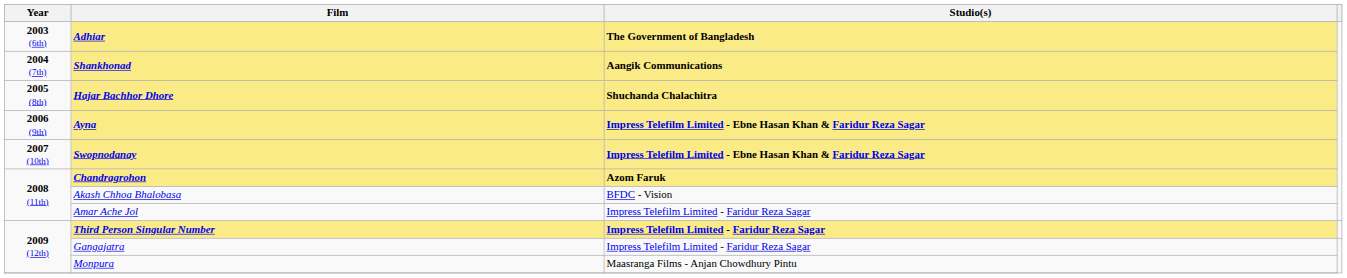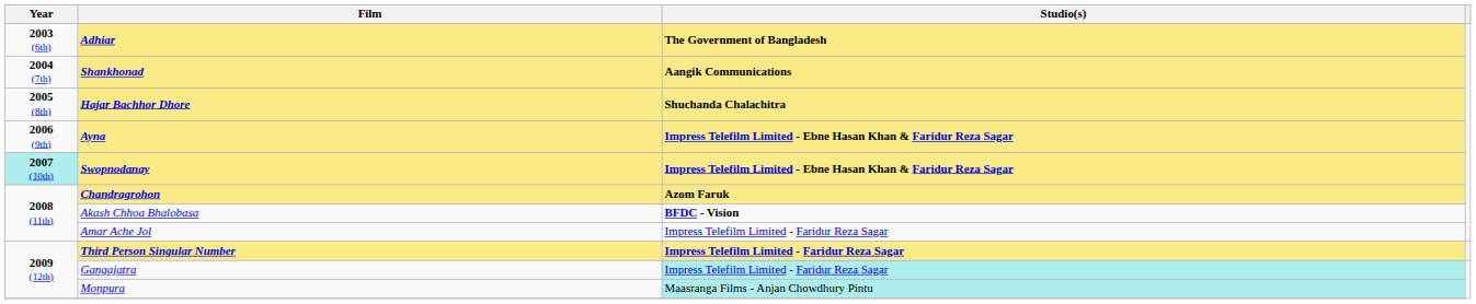 <table class="wikitable sortable" style="text-align:left;">
 <tr bgcolor="#bebebe">
 <th width="5%">Year</th>
 <th scope="col" style="width:40%;text-align:center;">Film</th>
 <th scope="col" style="width:55%;text-align:center;">Studio(s)</th>
 <th scope="col" style="width:2%;" class="unsortable"></th>
 </tr>
 <tr>
 <td rowspan="1" style="text-align:center"><strong>2003</strong><br><small><a href='#'>(6th)</a></small></td>
 <td style="background:#FAEB86;"><strong><em><a href='#'>Adhiar</a></em></strong></td>
 <td style="background:#FAEB86;"><strong>The Government of Bangladesh</strong></td>
 </tr>
 <tr>
 <td rowspan="1" style="text-align:center"><strong>2004</strong><br><small><a href='#'>(7th)</a></small></td>
 <td style="background:#FAEB86;"><strong><em><a href='#'>Shankhonad</a></em></strong></td>
 <td style="background:#FAEB86;"><strong>Aangik Communications</strong></td>
 </tr>
 <tr>
 <td rowspan="1" style="text-align:center"><strong>2005</strong><br><small><a href='#'>(8th)</a></small></td>
 <td style="background:#FAEB86;"><strong><em><a href='#'>Hajar Bachhor Dhore</a></em></strong></td>
 <td style="background:#FAEB86;"><strong>Shuchanda Chalachitra</strong></td>
 </tr>
 <tr>
 <td rowspan="1" style="text-align:center"><strong>2006</strong><br><small><a href='#'>(9th)</a></small></td>
 <td style="background:#FAEB86;"><strong><em><a href='#'>Ayna</a></em></strong></td>
 <td style="background:#FAEB86;"><strong><a href='#'>Impress Telefilm Limited</a> - Ebne Hasan Khan & <a href='#'>Faridur Reza Sagar</a></strong></td>
 </tr>
 <tr>
-<td rowspan="1" style="text-align:center"><strong>2007</strong><br><small><a href='#'>(10th)</a></small></td>
+<td rowspan="1" style="background: paleturquoise; text-align:center"><strong>2007</strong><br><small><a href='#'>(10th)</a></small></td>
 <td style="background:#FAEB86;"><strong><em><a href='#'>Swopnodanay</a></em></strong></td>
 <td style="background:#FAEB86;"><strong><a href='#'>Impress Telefilm Limited</a> - Ebne Hasan Khan & <a href='#'>Faridur Reza Sagar</a></strong></td>
 </tr>
 <tr>
 <td rowspan="3" style="text-align:center"><strong>2008</strong><br><small><a href='#'>(11th)</a></small></td>
 <td style="background:#FAEB86;"><strong><em><a href='#'>Chandragrohon</a></em></strong></td>
 <td style="background:#FAEB86;"><strong>Azom Faruk</strong></td>
 </tr>
 <tr>
 <td><em><a href='#'>Akash Chhoa Bhalobasa</a></em></td>
-<td><a href='#'>BFDC</a> - Vision</td>
+<td><strong><a href='#'>BFDC</a> - Vision</strong></td>
 </tr>
 <tr>
 <td><em><a href='#'>Amar Ache Jol</a></em></td>
 <td><a href='#'>Impress Telefilm Limited</a> - <a href='#'>Faridur Reza Sagar</a></td>
 </tr>
 <tr>
 <td rowspan="3" style="text-align:center"><strong>2009</strong><br><small><a href='#'>(12th)</a></small></td>
 <td style="background:#FAEB86;"><strong><em><a href='#'>Third Person Singular Number</a></em></strong></td>
 <td style="background:#FAEB86;"><strong><a href='#'>Impress Telefilm Limited</a> - <a href='#'>Faridur Reza Sagar</a></strong></td>
 <td></td>
 </tr>
 <tr>
 <td><em><a href='#'>Gangajatra</a></em></td>
-<td><a href='#'>Impress Telefilm Limited</a> - <a href='#'>Faridur Reza Sagar</a></td>
+<td style="background: paleturquoise;"><a href='#'>Impress Telefilm Limited</a> - <a href='#'>Faridur Reza Sagar</a></td>
 </tr>
 <tr>
 <td><em><a href='#'>Monpura</a></em></td>
-<td>Maasranga Films - Anjan Chowdhury Pintu</td>
+<td style="background: paleturquoise;">Maasranga Films - Anjan Chowdhury Pintu</td>
 </tr>
 <tr>
 </tr>
 </table>
